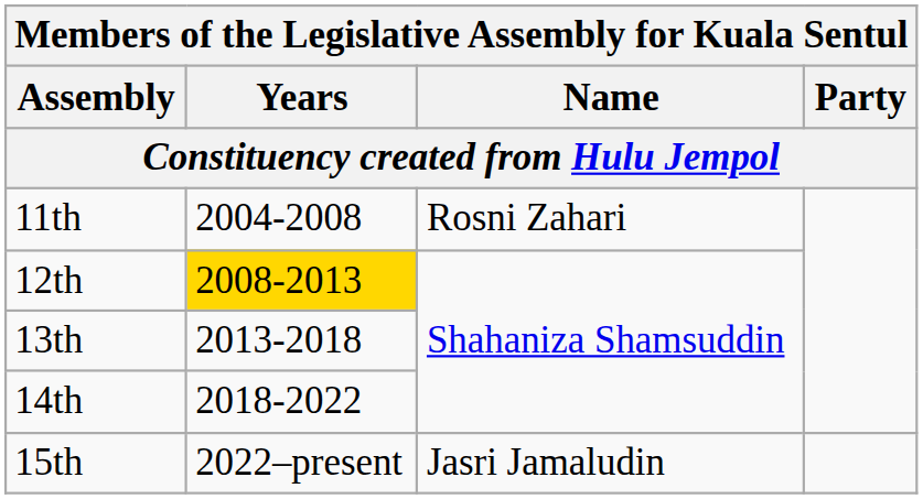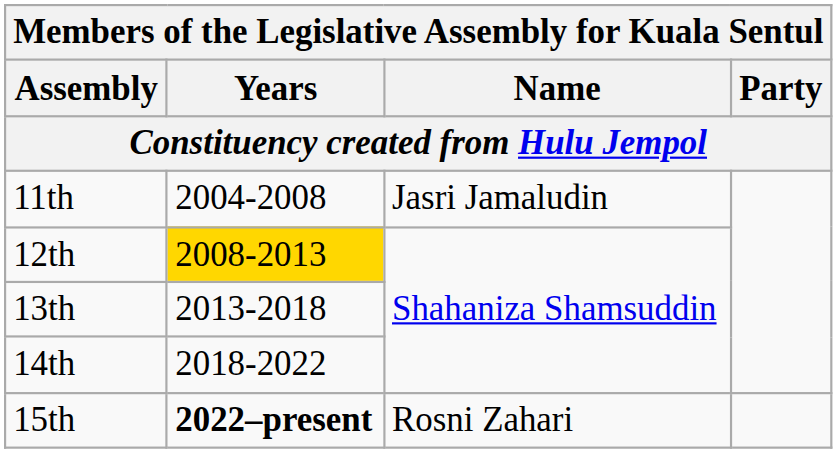 <table class="wikitable">
 <tr>
 <th colspan="4">Members of the Legislative Assembly for Kuala Sentul</th>
 </tr>
 <tr>
 <th>Assembly</th>
 <th>Years</th>
 <th>Name</th>
 <th>Party</th>
 </tr>
 <tr>
 <th colspan="4"><em>Constituency created from <a href='#'>Hulu Jempol</a></em></th>
 </tr>
 <tr>
 <td>11th</td>
 <td>2004-2008</td>
-<td>Rosni Zahari</td>
+<td>Jasri Jamaludin</td>
 <td rowspan="4"></td>
 </tr>
 <tr>
 <td>12th</td>
 <td style="background: gold;">2008-2013</td>
 <td rowspan="3"><a href='#'>Shahaniza Shamsuddin</a></td>
 </tr>
 <tr>
 <td>13th</td>
 <td>2013-2018</td>
 </tr>
 <tr>
 <td>14th</td>
 <td>2018-2022</td>
 </tr>
 <tr>
 <td>15th</td>
-<td>2022–present</td>
-<td>Jasri Jamaludin</td>
+<td><strong>2022–present</strong></td>
+<td>Rosni Zahari</td>
 <td></td>
 </tr>
 </table>
